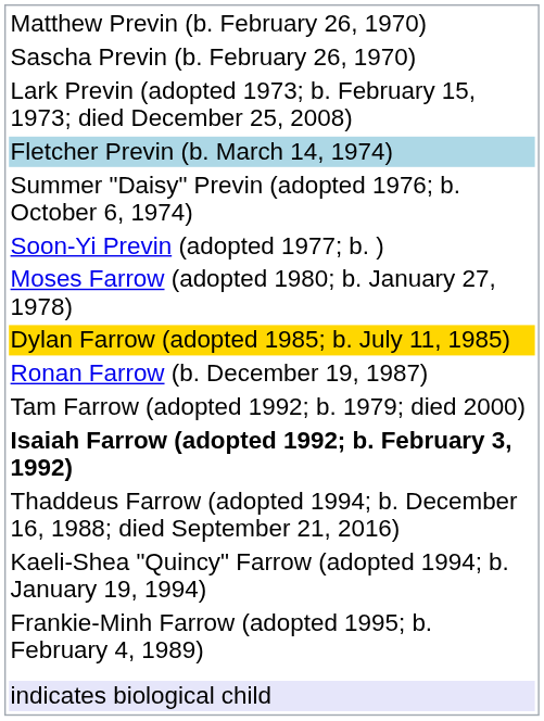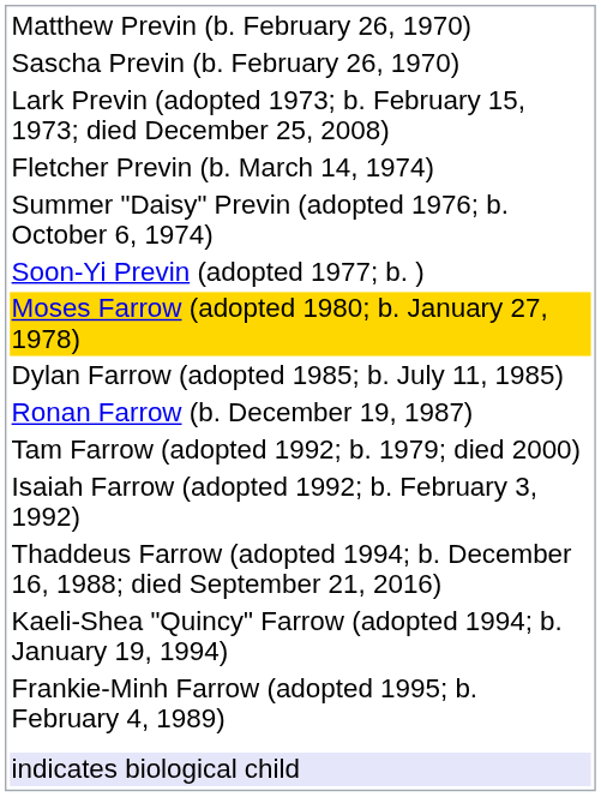 <table class="floatright" style="max-width:22em; border: 1px solid #a2a9b1;">
 <tr>
 <td> Matthew Previn (b. February 26, 1970)</td>
 </tr>
 <tr>
 <td> Sascha Previn (b. February 26, 1970)</td>
 </tr>
 <tr>
 <td>Lark Previn (adopted 1973; b. February 15, 1973; died December 25, 2008)</td>
 </tr>
 <tr>
-<td style="background: lightblue;"> Fletcher Previn (b. March 14, 1974)</td>
+<td> Fletcher Previn (b. March 14, 1974)</td>
 </tr>
 <tr>
 <td>Summer "Daisy" Previn (adopted 1976; b. October 6, 1974)</td>
 </tr>
 <tr>
 <td><a href='#'>Soon-Yi Previn</a> (adopted 1977; b. )</td>
 </tr>
 <tr>
-<td><a href='#'>Moses Farrow</a> (adopted 1980; b. January 27, 1978)</td>
+<td style="background: gold;"><a href='#'>Moses Farrow</a> (adopted 1980; b. January 27, 1978)</td>
 </tr>
 <tr>
-<td style="background: gold;">Dylan Farrow (adopted 1985; b. July 11, 1985)</td>
+<td>Dylan Farrow (adopted 1985; b. July 11, 1985)</td>
 </tr>
 <tr>
 <td> <a href='#'>Ronan Farrow</a> (b. December 19, 1987)</td>
 </tr>
 <tr>
 <td>Tam Farrow (adopted 1992; b. 1979; died 2000)</td>
 </tr>
 <tr>
-<td><strong>Isaiah Farrow (adopted 1992; b. February 3, 1992)</strong></td>
+<td>Isaiah Farrow (adopted 1992; b. February 3, 1992)</td>
 </tr>
 <tr>
 <td>Thaddeus Farrow (adopted 1994; b. December 16, 1988; died September 21, 2016)</td>
 </tr>
 <tr>
 <td>Kaeli-Shea "Quincy" Farrow (adopted 1994; b. January 19, 1994)</td>
 </tr>
 <tr>
 <td>Frankie-Minh Farrow (adopted 1995; b. February 4, 1989)</td>
 </tr>
 <tr>
 <td></td>
 </tr>
 <tr>
 <td></td>
 </tr>
 <tr bgcolor="lavender">
 <td> indicates biological child</td>
 </tr>
 </table>
